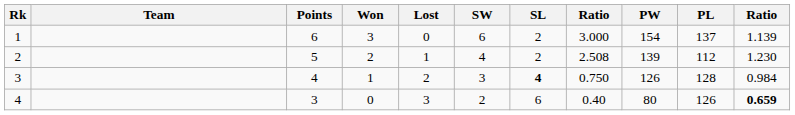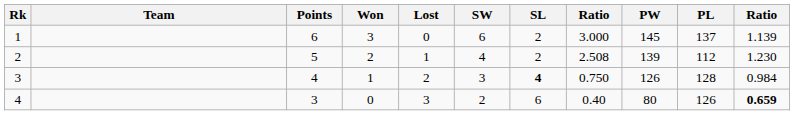 <table class=wikitable style=text-align:center>
 <tr>
 <th width=25>Rk</th>
 <th width=300>Team</th>
 <th width=60>Points</th>
 <th width=60>Won</th>
 <th width=60>Lost</th>
 <th width=60>SW</th>
 <th width=60>SL</th>
 <th width=60>Ratio</th>
 <th width=60>PW</th>
 <th width=60>PL</th>
 <th width=60>Ratio</th>
 </tr>
 <tr>
 <td>1</td>
 <td></td>
 <td>6</td>
 <td>3</td>
 <td>0</td>
 <td>6</td>
 <td>2</td>
 <td>3.000</td>
-<td>154</td>
+<td>145</td>
 <td>137</td>
 <td>1.139</td>
 </tr>
 <tr>
 <td>2</td>
 <td></td>
 <td>5</td>
 <td>2</td>
 <td>1</td>
 <td>4</td>
 <td>2</td>
 <td>2.508</td>
 <td>139</td>
 <td>112</td>
 <td>1.230</td>
 </tr>
 <tr>
 <td>3</td>
 <td></td>
 <td>4</td>
 <td>1</td>
 <td>2</td>
 <td>3</td>
 <td><strong>4</strong></td>
 <td>0.750</td>
 <td>126</td>
 <td>128</td>
 <td>0.984</td>
 </tr>
 <tr>
 <td>4</td>
 <td></td>
 <td>3</td>
 <td>0</td>
 <td>3</td>
 <td>2</td>
 <td>6</td>
 <td>0.40</td>
 <td>80</td>
 <td>126</td>
 <td><strong>0.659</strong></td>
 </tr>
 </table>
